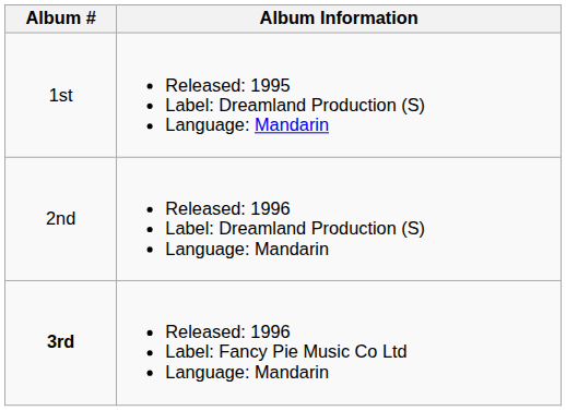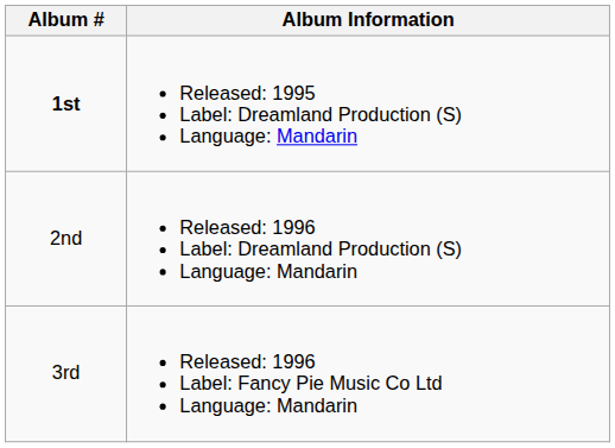 <table class="wikitable" width="500px">
 <tr>
 <th align="right">Album #</th>
 <th align="right">Album Information</th>
 </tr>
 <tr>
-<td align="center">1st</td>
+<td align="center"><strong>1st</strong></td>
 <td align="left"><br><ul><li>Released: 1995</li><li>Label: Dreamland Production (S)</li><li>Language: <a href='#'>Mandarin</a></li></ul></td>
 </tr>
 <tr>
 <td align="center">2nd</td>
 <td align="left"><br><ul><li>Released: 1996</li><li>Label: Dreamland Production (S)</li><li>Language: Mandarin</li></ul></td>
 </tr>
 <tr>
-<td align="center"><strong>3rd</strong></td>
+<td align="center">3rd</td>
 <td align="left"><br><ul><li>Released: 1996</li><li>Label: Fancy Pie Music Co Ltd</li><li>Language: Mandarin</li></ul></td>
 </tr>
 </table>
